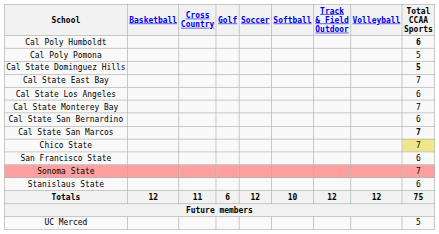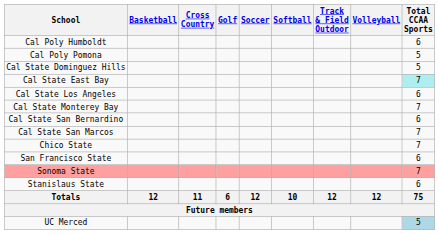 <table class="wikitable" style="text-align:center">
 <tr>
 <th>School</th>
 <th><a href='#'>Basketball</a></th>
 <th><a href='#'>Cross<br>Country</a></th>
 <th><a href='#'>Golf</a></th>
 <th><a href='#'>Soccer</a></th>
 <th><a href='#'>Softball</a></th>
 <th><a href='#'>Track<br>& Field<br>Outdoor</a></th>
 <th><a href='#'>Volleyball</a></th>
 <th>Total<br>CCAA<br>Sports</th>
 </tr>
 <tr>
 <td>Cal Poly Humboldt</td>
 <td></td>
 <td></td>
 <td></td>
 <td></td>
 <td></td>
 <td></td>
 <td></td>
-<td><strong>6</strong></td>
+<td>6</td>
 </tr>
 <tr>
 <td>Cal Poly Pomona</td>
 <td></td>
 <td></td>
 <td></td>
 <td></td>
 <td></td>
 <td></td>
 <td></td>
 <td>5</td>
 </tr>
 <tr>
 <td>Cal State Dominguez Hills</td>
 <td></td>
 <td></td>
 <td></td>
 <td></td>
 <td></td>
 <td></td>
 <td></td>
-<td><strong>5</strong></td>
+<td>5</td>
 </tr>
 <tr>
 <td>Cal State East Bay</td>
 <td></td>
 <td></td>
 <td></td>
 <td></td>
 <td></td>
 <td></td>
 <td></td>
-<td>7</td>
+<td style="background: paleturquoise;">7</td>
 </tr>
 <tr>
 <td>Cal State Los Angeles</td>
 <td></td>
 <td></td>
 <td></td>
 <td></td>
 <td></td>
 <td></td>
 <td></td>
 <td>6</td>
 </tr>
 <tr>
 <td>Cal State Monterey Bay</td>
 <td></td>
 <td></td>
 <td></td>
 <td></td>
 <td></td>
 <td></td>
 <td></td>
 <td>7</td>
 </tr>
 <tr>
 <td>Cal State San Bernardino</td>
 <td></td>
 <td></td>
 <td></td>
 <td></td>
 <td></td>
 <td></td>
 <td></td>
 <td>6</td>
 </tr>
 <tr>
 <td>Cal State San Marcos</td>
 <td></td>
 <td></td>
 <td></td>
 <td></td>
 <td></td>
 <td></td>
 <td></td>
-<td><strong>7</strong></td>
+<td>7</td>
 </tr>
 <tr>
 <td>Chico State</td>
 <td></td>
 <td></td>
 <td></td>
 <td></td>
 <td></td>
 <td></td>
 <td></td>
-<td style="background: khaki;">7</td>
+<td>7</td>
 </tr>
 <tr>
 <td>San Francisco State</td>
 <td></td>
 <td></td>
 <td></td>
 <td></td>
 <td></td>
 <td></td>
 <td></td>
 <td>6</td>
 </tr>
 <tr bgcolor=#ffa0a0>
 <td>Sonoma State</td>
 <td></td>
 <td></td>
 <td></td>
 <td></td>
 <td></td>
 <td></td>
 <td></td>
 <td>7</td>
 </tr>
 <tr>
 <td>Stanislaus State</td>
 <td></td>
 <td></td>
 <td></td>
 <td></td>
 <td></td>
 <td></td>
 <td></td>
 <td>6</td>
 </tr>
 <tr>
 <th><strong>Totals</strong></th>
 <th>12</th>
 <th>11</th>
 <th>6</th>
 <th>12</th>
 <th>10</th>
 <th>12</th>
 <th>12</th>
 <th>75</th>
 </tr>
 <tr>
 <th colspan=9 align=center>Future members</th>
 </tr>
 <tr>
 <td>UC Merced</td>
 <td></td>
 <td></td>
 <td></td>
 <td></td>
 <td></td>
 <td></td>
 <td></td>
-<td>5</td>
+<td style="background: lightblue;">5</td>
 </tr>
 </table>
